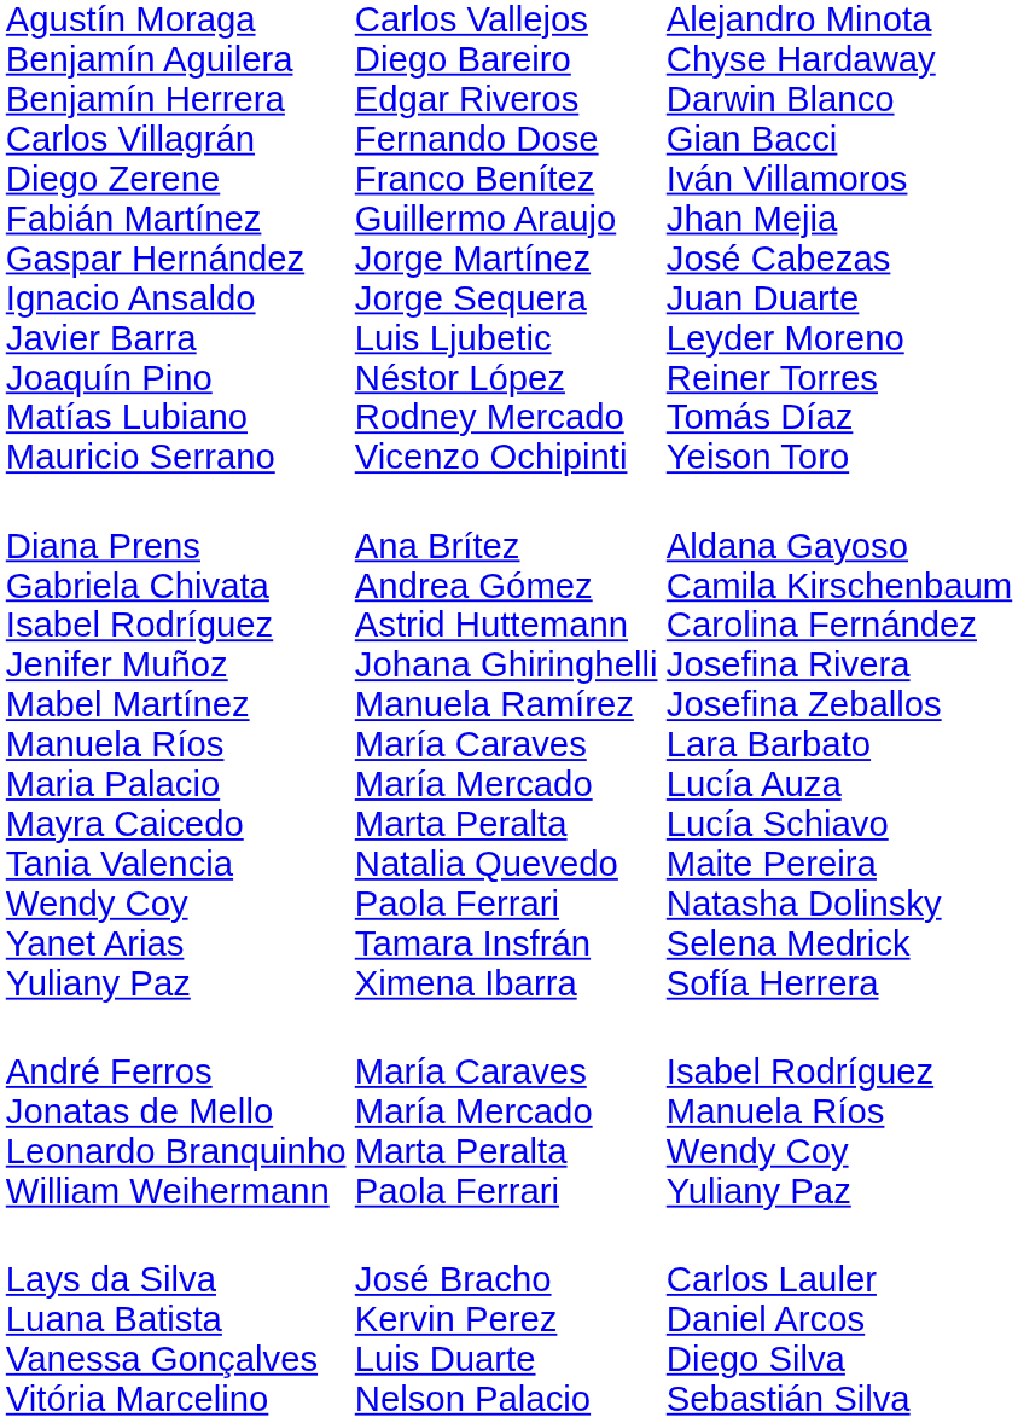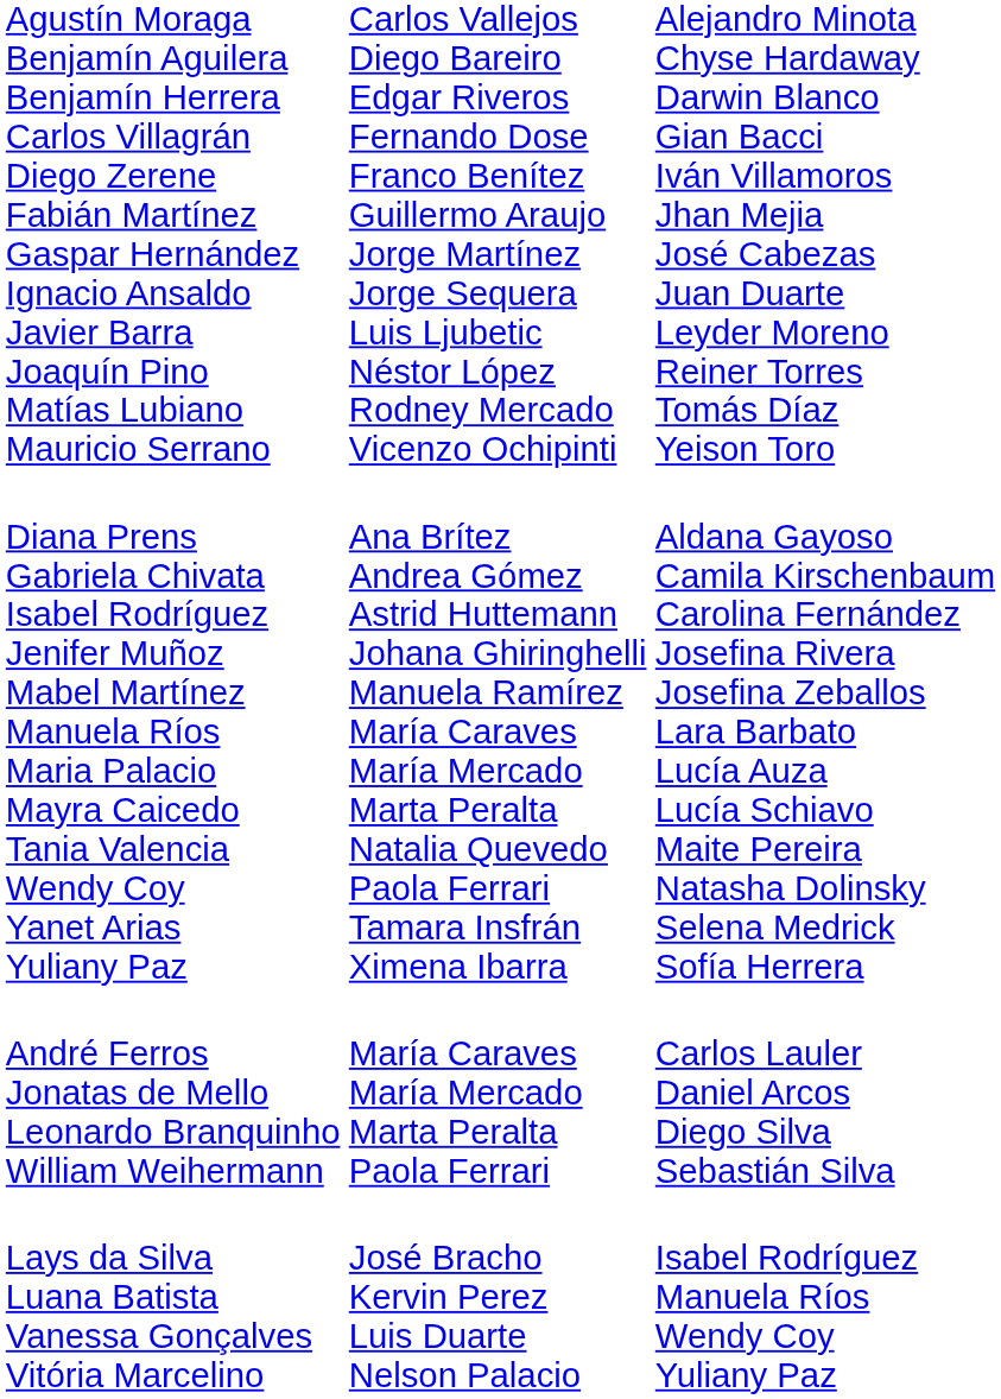 <table>
 <tr>
 <td></td>
 <td><br><a href='#'>Agustín Moraga</a><br><a href='#'>Benjamín Aguilera</a><br><a href='#'>Benjamín Herrera</a><br><a href='#'>Carlos Villagrán</a><br><a href='#'>Diego Zerene</a><br><a href='#'>Fabián Martínez</a><br><a href='#'>Gaspar Hernández</a><br><a href='#'>Ignacio Ansaldo</a><br><a href='#'>Javier Barra</a><br><a href='#'>Joaquín Pino</a><br><a href='#'>Matías Lubiano</a><br><a href='#'>Mauricio Serrano</a></td>
 <td><br><a href='#'>Carlos Vallejos</a><br><a href='#'>Diego Bareiro</a><br><a href='#'>Edgar Riveros</a><br><a href='#'>Fernando Dose</a><br><a href='#'>Franco Benítez</a><br><a href='#'>Guillermo Araujo</a><br><a href='#'>Jorge Martínez</a><br><a href='#'>Jorge Sequera</a><br><a href='#'>Luis Ljubetic</a><br><a href='#'>Néstor López</a><br><a href='#'>Rodney Mercado</a><br><a href='#'>Vicenzo Ochipinti</a></td>
 <td><br><a href='#'>Alejandro Minota</a><br><a href='#'>Chyse Hardaway</a><br><a href='#'>Darwin Blanco</a><br><a href='#'>Gian Bacci</a><br><a href='#'>Iván Villamoros</a><br><a href='#'>Jhan Mejia</a><br><a href='#'>José Cabezas</a><br><a href='#'>Juan Duarte</a><br><a href='#'>Leyder Moreno</a><br><a href='#'>Reiner Torres</a><br><a href='#'>Tomás Díaz</a><br><a href='#'>Yeison Toro</a></td>
 </tr>
 <tr>
 <td></td>
 <td><br><a href='#'>Diana Prens</a><br><a href='#'>Gabriela Chivata</a><br><a href='#'>Isabel Rodríguez</a><br><a href='#'>Jenifer Muñoz</a><br><a href='#'>Mabel Martínez</a><br><a href='#'>Manuela Ríos</a><br><a href='#'>Maria Palacio</a><br><a href='#'>Mayra Caicedo</a><br><a href='#'>Tania Valencia</a><br><a href='#'>Wendy Coy</a><br><a href='#'>Yanet Arias</a><br><a href='#'>Yuliany Paz</a></td>
 <td><br><a href='#'>Ana Brítez</a><br><a href='#'>Andrea Gómez</a><br><a href='#'>Astrid Huttemann</a><br><a href='#'>Johana Ghiringhelli</a><br><a href='#'>Manuela Ramírez</a><br><a href='#'>María Caraves</a><br><a href='#'>María Mercado</a><br><a href='#'>Marta Peralta</a><br><a href='#'>Natalia Quevedo</a><br><a href='#'>Paola Ferrari</a><br><a href='#'>Tamara Insfrán</a><br><a href='#'>Ximena Ibarra</a></td>
 <td><br><a href='#'>Aldana Gayoso</a><br><a href='#'>Camila Kirschenbaum</a><br><a href='#'>Carolina Fernández</a><br><a href='#'>Josefina Rivera</a><br><a href='#'>Josefina Zeballos</a><br><a href='#'>Lara Barbato</a><br><a href='#'>Lucía Auza</a><br><a href='#'>Lucía Schiavo</a><br><a href='#'>Maite Pereira</a><br><a href='#'>Natasha Dolinsky</a><br><a href='#'>Selena Medrick</a><br><a href='#'>Sofía Herrera</a></td>
 </tr>
 <tr>
 <td></td>
 <td><br><a href='#'>André Ferros</a><br><a href='#'>Jonatas de Mello</a><br><a href='#'>Leonardo Branquinho</a><br><a href='#'>William Weihermann</a></td>
 <td><br><a href='#'>María Caraves</a><br><a href='#'>María Mercado</a><br><a href='#'>Marta Peralta</a><br><a href='#'>Paola Ferrari</a></td>
-<td><br><a href='#'>Isabel Rodríguez</a><br><a href='#'>Manuela Ríos</a><br><a href='#'>Wendy Coy</a><br><a href='#'>Yuliany Paz</a></td>
+<td><br><a href='#'>Carlos Lauler</a><br><a href='#'>Daniel Arcos</a><br><a href='#'>Diego Silva</a><br><a href='#'>Sebastián Silva</a></td>
 </tr>
 <tr>
 <td></td>
 <td><br><a href='#'>Lays da Silva</a><br><a href='#'>Luana Batista</a><br><a href='#'>Vanessa Gonçalves</a><br><a href='#'>Vitória Marcelino</a></td>
 <td><br><a href='#'>José Bracho</a><br><a href='#'>Kervin Perez</a><br><a href='#'>Luis Duarte</a><br><a href='#'>Nelson Palacio</a></td>
-<td><br><a href='#'>Carlos Lauler</a><br><a href='#'>Daniel Arcos</a><br><a href='#'>Diego Silva</a><br><a href='#'>Sebastián Silva</a></td>
+<td><br><a href='#'>Isabel Rodríguez</a><br><a href='#'>Manuela Ríos</a><br><a href='#'>Wendy Coy</a><br><a href='#'>Yuliany Paz</a></td>
 </tr>
 </table>
